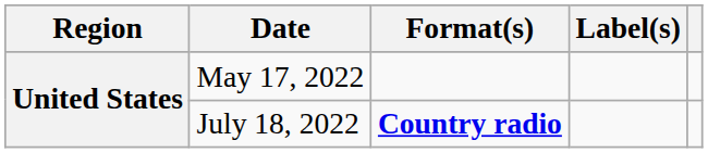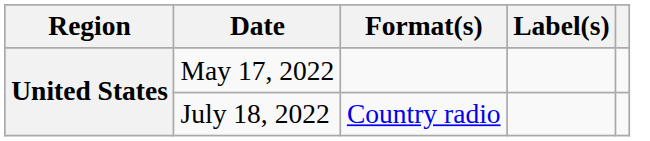 <table class="wikitable plainrowheaders">
 <tr>
 <th scope="col">Region</th>
 <th scope="col">Date</th>
 <th scope="col">Format(s)</th>
 <th scope="col">Label(s)</th>
 <th scope="col"></th>
 </tr>
 <tr>
 <th scope="row" rowspan="2">United States</th>
 <td>May 17, 2022</td>
 <td></td>
 <td></td>
 <td style="text-align:center;"></td>
 </tr>
 <tr>
 <td>July 18, 2022</td>
-<td><strong><a href='#'>Country radio</a></strong></td>
+<td><a href='#'>Country radio</a></td>
 <td></td>
 <td style="text-align:center;"></td>
 </tr>
 </table>
